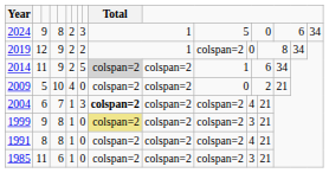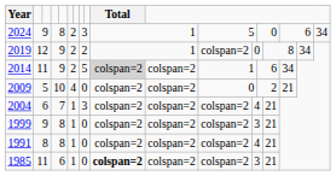 <table class="wikitable" style="text-align:right; padding-left:1em">
 <tr>
 <th align="left">Year</th>
 <td></td>
 <td></td>
 <td></td>
 <td></td>
 <td></td>
 <td></td>
 <td></td>
 <td></td>
 <th align="left">Total</th>
 </tr>
 <tr>
 <td align=left><a href='#'>2024</a></td>
 <td colspan=2>9</td>
 <td colspan=2>8</td>
 <td colspan=2>2</td>
 <td colspan=2>3</td>
 <td colspan=2>1</td>
 <td colspan=2>5</td>
 <td colspan=2>0</td>
 <td colspan=2>6</td>
 <td>34</td>
 </tr>
 <tr>
 <td align=left><a href='#'>2019</a></td>
 <td colspan=2>12</td>
 <td colspan=2>9</td>
 <td colspan=2>2</td>
 <td colspan=2>2</td>
 <td colspan=2>1</td>
 <td>colspan=2 </td>
 <td colspan=2>0</td>
 <td colspan=2>8</td>
 <td>34</td>
 </tr>
 <tr>
 <td align=left><a href='#'>2014</a></td>
 <td colspan=2>11</td>
 <td colspan=2>9</td>
 <td colspan=2>2</td>
 <td colspan=2>5</td>
 <td style="background: lightgrey;">colspan=2 </td>
 <td>colspan=2 </td>
 <td colspan=2>1</td>
 <td colspan=2>6</td>
 <td>34</td>
 </tr>
 <tr>
 <td align=left><a href='#'>2009</a></td>
 <td colspan=2>5</td>
 <td colspan=2>10</td>
 <td colspan=2>4</td>
 <td colspan=2>0</td>
 <td>colspan=2 </td>
 <td>colspan=2 </td>
 <td colspan=2>0</td>
 <td colspan=2>2</td>
 <td>21</td>
 </tr>
 <tr>
 <td align=left><a href='#'>2004</a></td>
 <td colspan=2>6</td>
 <td colspan=2>7</td>
 <td colspan=2>1</td>
 <td colspan=2>3</td>
-<td><strong>colspan=2 </strong></td>
+<td>colspan=2 </td>
 <td>colspan=2 </td>
 <td>colspan=2 </td>
 <td colspan=2>4</td>
 <td>21</td>
 </tr>
 <tr>
 <td align=left><a href='#'>1999</a></td>
 <td colspan=2>9</td>
 <td colspan=2>8</td>
 <td colspan=2>1</td>
 <td colspan=2>0</td>
-<td style="background: khaki;">colspan=2 </td>
+<td>colspan=2 </td>
 <td>colspan=2 </td>
 <td>colspan=2 </td>
 <td colspan=2>3</td>
 <td>21</td>
 </tr>
 <tr>
 <td align=left><a href='#'>1991</a></td>
 <td colspan=2>8</td>
 <td colspan=2>8</td>
 <td colspan=2>1</td>
 <td colspan=2>0</td>
 <td>colspan=2 </td>
 <td>colspan=2 </td>
 <td>colspan=2 </td>
 <td colspan=2>4</td>
 <td>21</td>
 </tr>
 <tr>
 <td align=left><a href='#'>1985</a></td>
 <td colspan=2>11</td>
 <td colspan=2>6</td>
 <td colspan=2>1</td>
 <td colspan=2>0</td>
-<td>colspan=2 </td>
+<td><strong>colspan=2 </strong></td>
 <td>colspan=2 </td>
 <td>colspan=2 </td>
 <td colspan=2>3</td>
 <td>21</td>
 </tr>
 </table>
